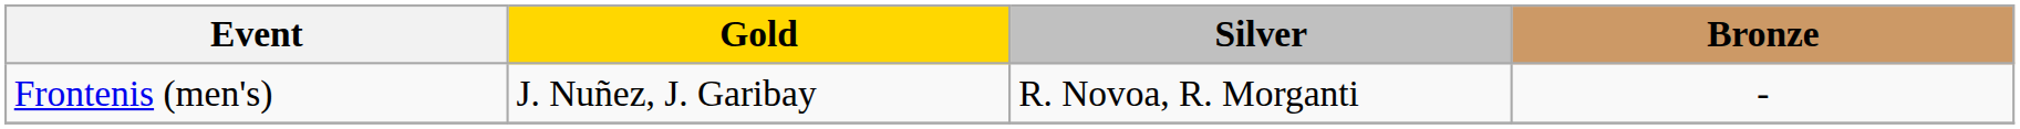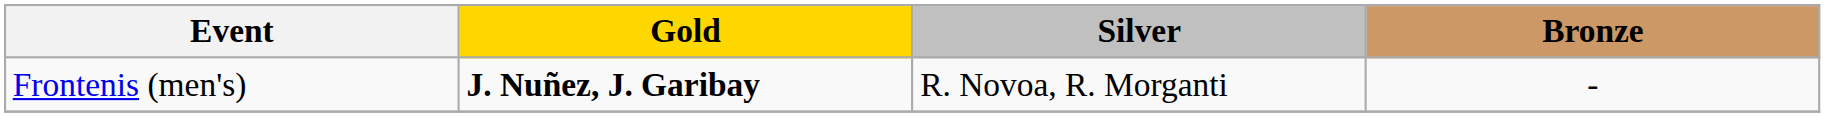 <table class="wikitable" style="max-width: 23cm; width: 100%">
 <tr>
 <th scope="col">Event</th>
 <th scope="col" style="background-color:gold; width:25%">Gold</th>
 <th scope="col" style="background-color:silver; width:25%; width:25%">Silver</th>
 <th scope="col" style="background-color:#cc9966; width:25%">Bronze</th>
 </tr>
 <tr>
 <td><a href='#'>Frontenis</a> (men's)</td>
-<td> J. Nuñez, J. Garibay</td>
+<td><strong> J. Nuñez, J. Garibay</strong></td>
 <td> R. Novoa, R. Morganti</td>
 <td align=center>-</td>
 </tr>
 <tr>
 </tr>
 </table>
